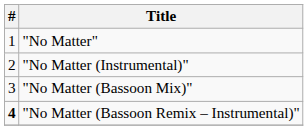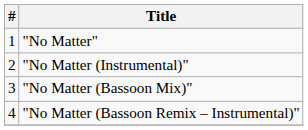 <table class="wikitable">
 <tr>
 <th>#</th>
 <th>Title</th>
 </tr>
 <tr>
 <td>1</td>
 <td>"No Matter"</td>
 </tr>
 <tr>
 <td>2</td>
 <td>"No Matter (Instrumental)"</td>
 </tr>
 <tr>
 <td>3</td>
 <td>"No Matter (Bassoon Mix)"</td>
 </tr>
 <tr>
-<td><strong>4</strong></td>
+<td>4</td>
 <td>"No Matter (Bassoon Remix – Instrumental)"</td>
 </tr>
 <tr>
 </tr>
 </table>
